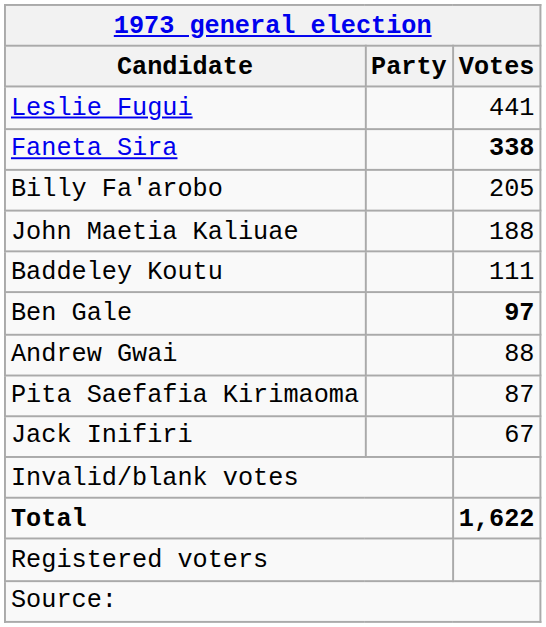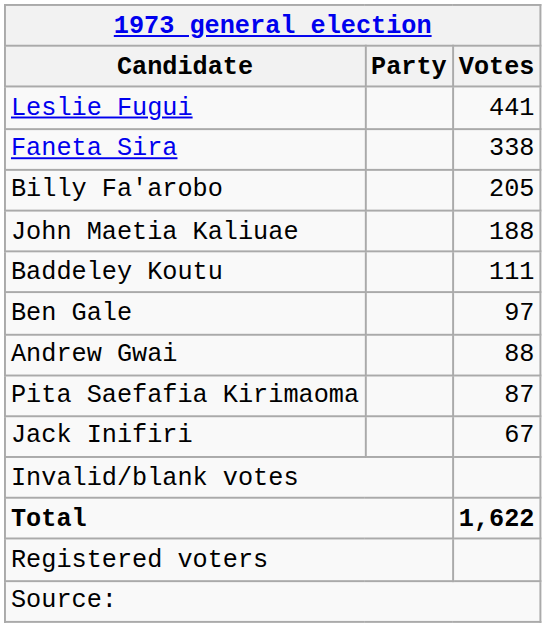 <table class=wikitable style=text-align:left>
 <tr>
 <th colspan=3><a href='#'>1973 general election</a></th>
 </tr>
 <tr>
 <th>Candidate</th>
 <th>Party</th>
 <th>Votes</th>
 </tr>
 <tr>
 <td><a href='#'>Leslie Fugui</a></td>
 <td></td>
 <td align=right>441</td>
 </tr>
 <tr>
 <td><a href='#'>Faneta Sira</a></td>
 <td></td>
-<td align=right><strong>338</strong></td>
+<td align=right>338</td>
 </tr>
 <tr>
 <td>Billy Fa'arobo</td>
 <td></td>
 <td align=right>205</td>
 </tr>
 <tr>
 <td>John Maetia Kaliuae</td>
 <td></td>
 <td align=right>188</td>
 </tr>
 <tr>
 <td>Baddeley Koutu</td>
 <td></td>
 <td align=right>111</td>
 </tr>
 <tr>
 <td>Ben Gale</td>
 <td></td>
-<td align=right><strong>97</strong></td>
+<td align=right>97</td>
 </tr>
 <tr>
 <td>Andrew Gwai</td>
 <td></td>
 <td align=right>88</td>
 </tr>
 <tr>
 <td>Pita Saefafia Kirimaoma</td>
 <td></td>
 <td align=right>87</td>
 </tr>
 <tr>
 <td>Jack Inifiri</td>
 <td></td>
 <td align=right>67</td>
 </tr>
 <tr>
 <td colspan=2>Invalid/blank votes</td>
 <td></td>
 </tr>
 <tr>
 <td colspan=2><strong>Total</strong></td>
 <td align=right><strong>1,622</strong></td>
 </tr>
 <tr>
 <td colspan=2>Registered voters</td>
 <td align=right></td>
 </tr>
 <tr>
 <td colspan=3>Source: </td>
 </tr>
 </table>
